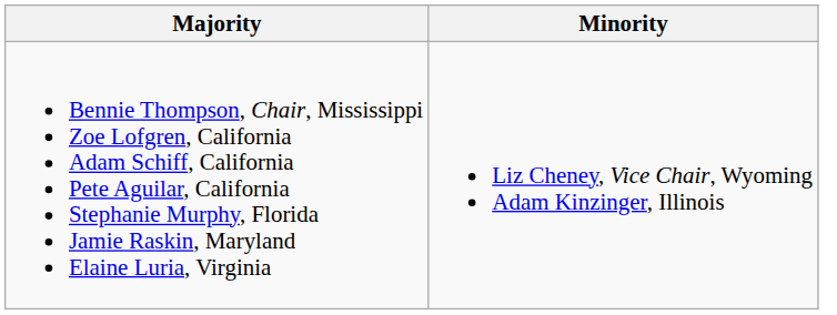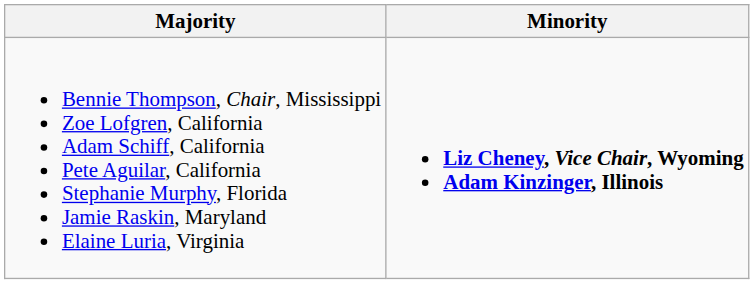 <table class=wikitable>
 <tr>
 <th>Majority</th>
 <th>Minority</th>
 </tr>
 <tr>
 <td><br><ul><li><a href='#'>Bennie Thompson</a>, <em>Chair</em>, Mississippi</li><li><a href='#'>Zoe Lofgren</a>, California</li><li><a href='#'>Adam Schiff</a>, California</li><li><a href='#'>Pete Aguilar</a>, California</li><li><a href='#'>Stephanie Murphy</a>, Florida</li><li><a href='#'>Jamie Raskin</a>, Maryland</li><li><a href='#'>Elaine Luria</a>, Virginia</li></ul></td>
-<td><br><ul><li><a href='#'>Liz Cheney</a>, <em>Vice Chair</em>, Wyoming</li><li><a href='#'>Adam Kinzinger</a>, Illinois</li></ul></td>
+<td><strong><br><ul><li><a href='#'>Liz Cheney</a>, <em>Vice Chair</em>, Wyoming</li><li><a href='#'>Adam Kinzinger</a>, Illinois</li></ul></strong></td>
 </tr>
 </table>
